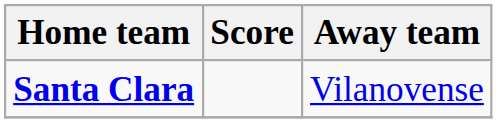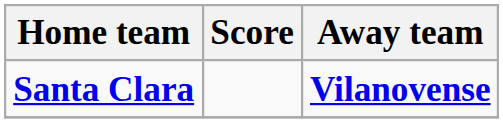 <table class="wikitable" style="text-align: center">
 <tr>
 <th>Home team</th>
 <th>Score</th>
 <th>Away team</th>
 </tr>
 <tr>
 <td><strong><a href='#'>Santa Clara</a></strong> </td>
 <td></td>
-<td><a href='#'>Vilanovense</a> </td>
+<td><strong><a href='#'>Vilanovense</a> </strong></td>
 </tr>
 <tr>
 </tr>
 </table>
